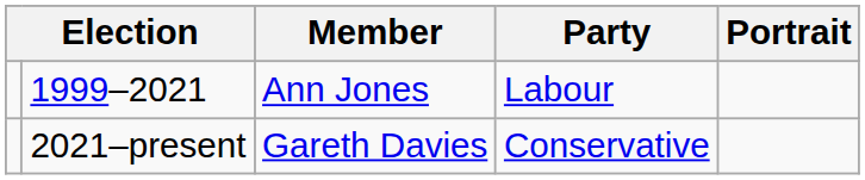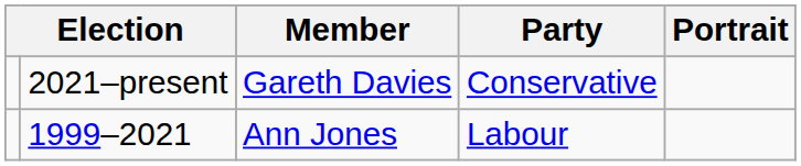 <table class="wikitable">
 <tr>
 <th colspan="2">Election</th>
 <th>Member</th>
 <th>Party</th>
 <th>Portrait</th>
 </tr>
 <tr>
 <td style="background-color: "></td>
+<td>2021–present</td>
+<td><a href='#'>Gareth Davies</a></td>
+<td><a href='#'>Conservative</a></td>
+<td></td>
+</tr>
+<tr>
+<td style="background-color: "></td>
 <td><a href='#'>1999</a>–2021</td>
 <td><a href='#'>Ann Jones</a></td>
 <td><a href='#'>Labour</a></td>
 <td></td>
 </tr>
-<tr>
-<td style="background-color: "></td>
-<td>2021–present</td>
-<td><a href='#'>Gareth Davies</a></td>
-<td><a href='#'>Conservative</a></td>
-<td></td>
-</tr>
 </table>
